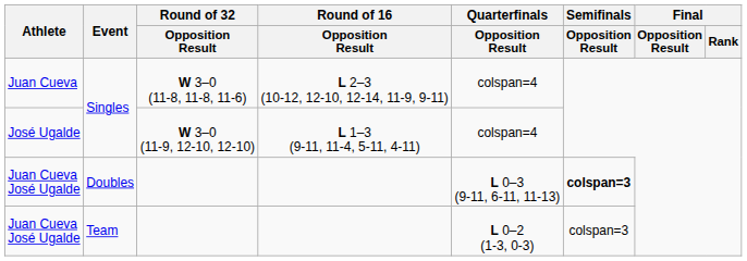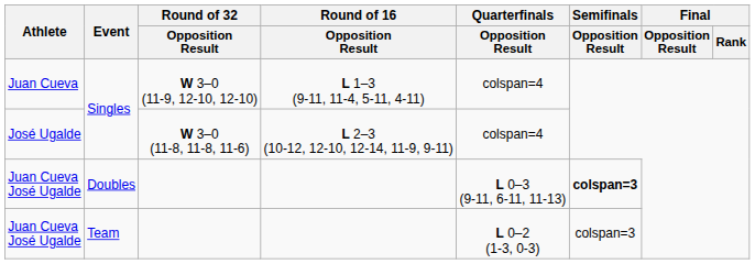 <table class=wikitable style=font-size:90%;text-align:center>
 <tr>
 <th rowspan=2>Athlete</th>
 <th rowspan=2>Event</th>
 <th>Round of 32</th>
 <th>Round of 16</th>
 <th>Quarterfinals</th>
 <th>Semifinals</th>
 <th colspan=2>Final</th>
 </tr>
 <tr style=font-size:95%>
 <th>Opposition<br>Result</th>
 <th>Opposition<br>Result</th>
 <th>Opposition<br>Result</th>
 <th>Opposition<br>Result</th>
 <th>Opposition<br>Result</th>
 <th>Rank</th>
 </tr>
 <tr align=center>
 <td align=left><a href='#'>Juan Cueva</a></td>
 <td align=left rowspan=2><a href='#'>Singles</a></td>
-<td><br><strong>W</strong> 3–0  <br> (11-8, 11-8, 11-6)</td>
-<td><br><strong>L</strong> 2–3  <br> (10-12, 12-10, 12-14, 11-9, 9-11)</td>
+<td><br><strong>W</strong> 3–0  <br> (11-9, 12-10, 12-10)</td>
+<td><br><strong>L</strong> 1–3 <br> (9-11, 11-4, 5-11, 4-11)</td>
 <td>colspan=4 </td>
 </tr>
 <tr align=center>
 <td align=left><a href='#'>José Ugalde</a></td>
-<td><br><strong>W</strong> 3–0  <br> (11-9, 12-10, 12-10)</td>
-<td><br><strong>L</strong> 1–3 <br> (9-11, 11-4, 5-11, 4-11)</td>
+<td><br><strong>W</strong> 3–0  <br> (11-8, 11-8, 11-6)</td>
+<td><br><strong>L</strong> 2–3  <br> (10-12, 12-10, 12-14, 11-9, 9-11)</td>
 <td>colspan=4 </td>
 </tr>
 <tr align=center>
 <td align=left><a href='#'>Juan Cueva</a> <br> <a href='#'>José Ugalde</a></td>
 <td align=left><a href='#'>Doubles</a></td>
 <td></td>
 <td></td>
 <td><br><strong>L</strong> 0–3  <br>  (9-11, 6-11, 11-13)</td>
 <td><strong>colspan=3 </strong></td>
 </tr>
 <tr align=center>
 <td align=left><a href='#'>Juan Cueva</a> <br> <a href='#'>José Ugalde</a></td>
 <td align=left><a href='#'>Team</a></td>
 <td></td>
 <td></td>
 <td><br><strong>L</strong> 0–2  <br> (1-3, 0-3)</td>
 <td>colspan=3 </td>
 </tr>
 </table>
